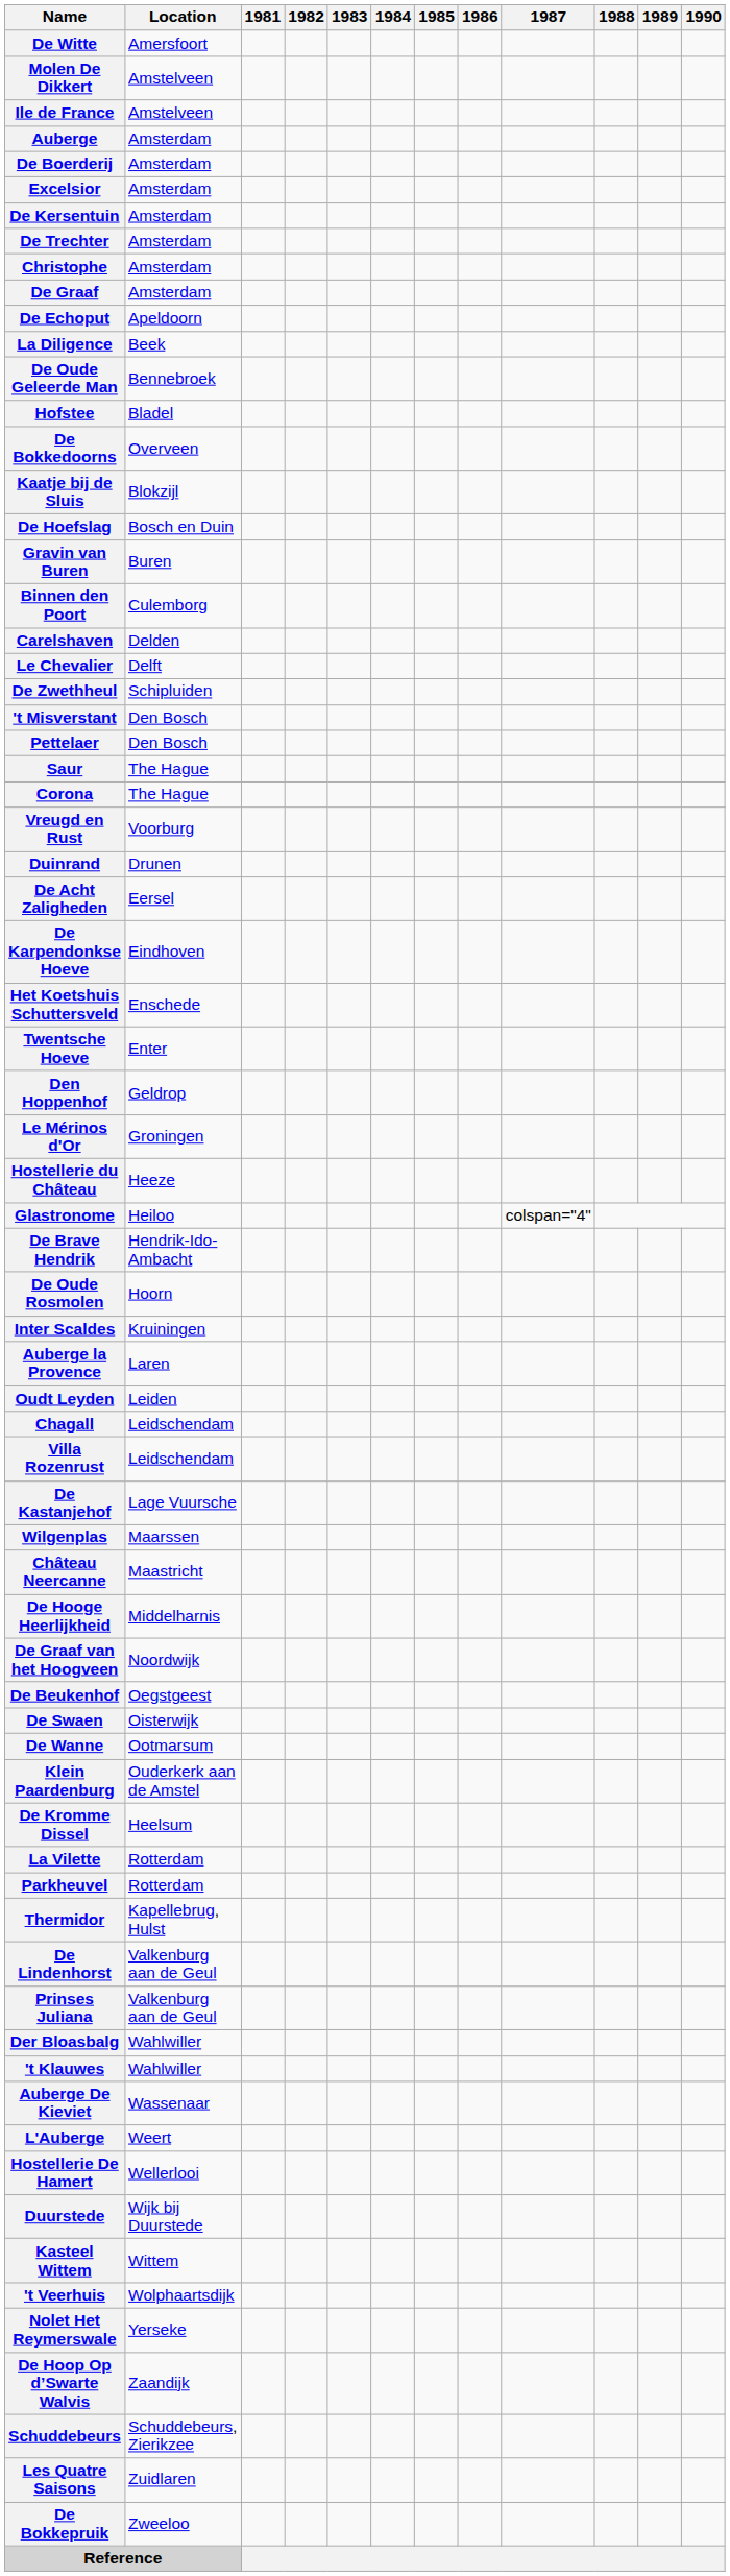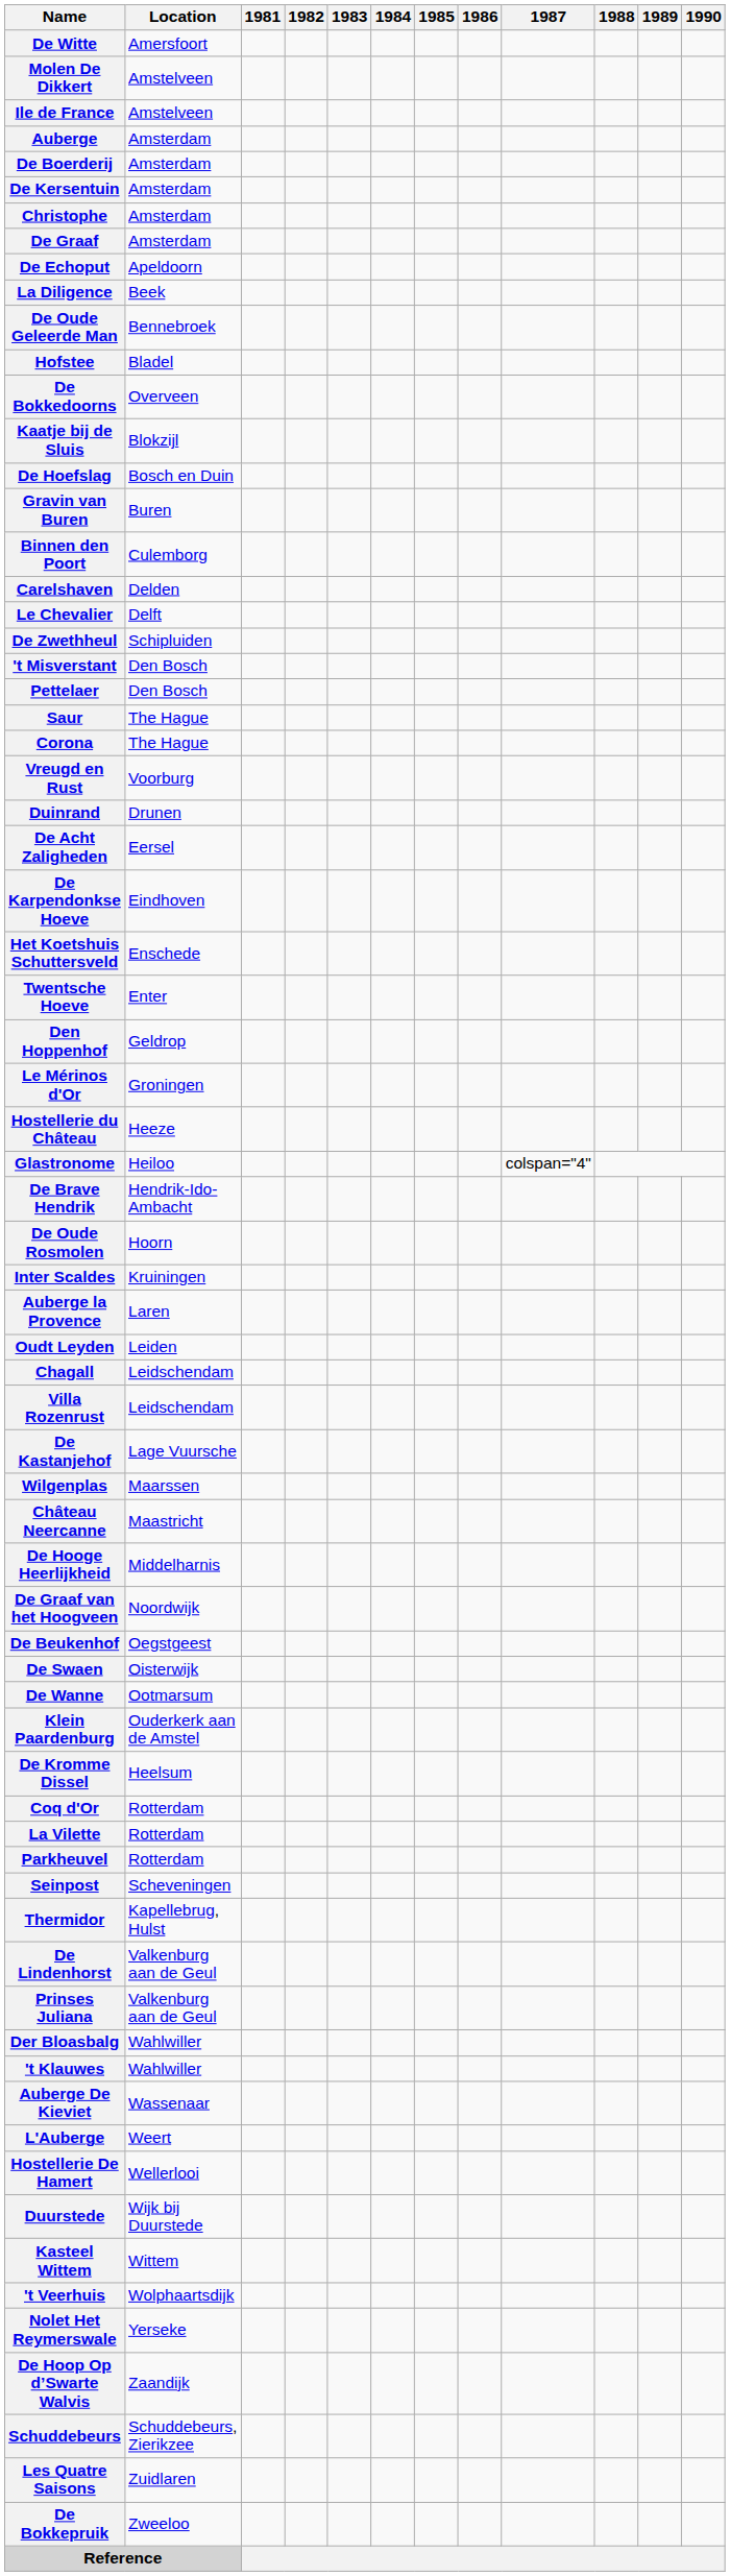 <table class="wikitable sortable plainrowheaders" style="text-align:left;"">
 <tr>
 <th scope="col">Name</th>
 <th scope="col">Location</th>
 <th scope="col">1981</th>
 <th scope="col">1982</th>
 <th scope="col">1983</th>
 <th scope="col">1984</th>
 <th scope="col">1985</th>
 <th scope="col">1986</th>
 <th scope="col">1987</th>
 <th scope="col">1988</th>
 <th scope="col">1989</th>
 <th scope="col">1990</th>
 </tr>
 <tr>
 <th scope="row"><a href='#'>De Witte</a></th>
 <td><a href='#'>Amersfoort</a></td>
 <td></td>
 <td></td>
 <td></td>
 <td></td>
 <td></td>
 <td></td>
 <td></td>
 <td></td>
 <td></td>
 <td></td>
 </tr>
 <tr>
 <th scope="row"><a href='#'>Molen De Dikkert</a></th>
 <td><a href='#'>Amstelveen</a></td>
 <td></td>
 <td></td>
 <td></td>
 <td></td>
 <td></td>
 <td></td>
 <td></td>
 <td></td>
 <td></td>
 <td></td>
 </tr>
 <tr>
 <th scope="row"><a href='#'>Ile de France</a></th>
 <td><a href='#'>Amstelveen</a></td>
 <td></td>
 <td></td>
 <td></td>
 <td></td>
 <td></td>
 <td></td>
 <td></td>
 <td></td>
 <td></td>
 <td></td>
 </tr>
 <tr>
 <th scope="row"><a href='#'>Auberge</a></th>
 <td><a href='#'>Amsterdam</a></td>
 <td></td>
 <td></td>
 <td></td>
 <td></td>
 <td></td>
 <td></td>
 <td></td>
 <td></td>
 <td></td>
 <td></td>
 </tr>
 <tr>
 <th scope="row"><a href='#'>De Boerderij</a></th>
 <td><a href='#'>Amsterdam</a></td>
 <td></td>
 <td></td>
 <td></td>
 <td></td>
 <td></td>
 <td></td>
 <td></td>
 <td></td>
 <td></td>
 <td></td>
 </tr>
 <tr>
-<th scope="row"><a href='#'>Excelsior</a></th>
-<td><a href='#'>Amsterdam</a></td>
-<td></td>
-<td></td>
-<td></td>
-<td></td>
-<td></td>
-<td></td>
-<td></td>
-<td></td>
-<td></td>
-<td></td>
-</tr>
-<tr>
 <th scope="row"><a href='#'>De Kersentuin</a></th>
-<td><a href='#'>Amsterdam</a></td>
-<td></td>
-<td></td>
-<td></td>
-<td></td>
-<td></td>
-<td></td>
-<td></td>
-<td></td>
-<td></td>
-<td></td>
-</tr>
-<tr>
-<th scope="row"><a href='#'>De Trechter</a></th>
 <td><a href='#'>Amsterdam</a></td>
 <td></td>
 <td></td>
 <td></td>
 <td></td>
 <td></td>
 <td></td>
 <td></td>
 <td></td>
 <td></td>
 <td></td>
 </tr>
 <tr>
 <th scope="row"><a href='#'>Christophe</a></th>
 <td><a href='#'>Amsterdam</a></td>
 <td></td>
 <td></td>
 <td></td>
 <td></td>
 <td></td>
 <td></td>
 <td></td>
 <td></td>
 <td></td>
 <td></td>
 </tr>
 <tr>
 <th scope="row"><a href='#'>De Graaf</a></th>
 <td><a href='#'>Amsterdam</a></td>
 <td></td>
 <td></td>
 <td></td>
 <td></td>
 <td></td>
 <td></td>
 <td></td>
 <td></td>
 <td></td>
 <td></td>
 </tr>
 <tr>
 <th scope="row"><a href='#'>De Echoput</a></th>
 <td><a href='#'>Apeldoorn</a></td>
 <td></td>
 <td></td>
 <td></td>
 <td></td>
 <td></td>
 <td></td>
 <td></td>
 <td></td>
 <td></td>
 <td></td>
 </tr>
 <tr>
 <th scope="row"><a href='#'>La Diligence</a></th>
 <td><a href='#'>Beek</a></td>
 <td></td>
 <td></td>
 <td></td>
 <td></td>
 <td></td>
 <td></td>
 <td></td>
 <td></td>
 <td></td>
 <td></td>
 </tr>
 <tr>
 <th scope="row"><a href='#'>De Oude Geleerde Man</a></th>
 <td><a href='#'>Bennebroek</a></td>
 <td></td>
 <td></td>
 <td></td>
 <td></td>
 <td></td>
 <td></td>
 <td></td>
 <td></td>
 <td></td>
 <td></td>
 </tr>
 <tr>
 <th scope="row"><a href='#'>Hofstee</a></th>
 <td><a href='#'>Bladel</a></td>
 <td></td>
 <td></td>
 <td></td>
 <td></td>
 <td></td>
 <td></td>
 <td></td>
 <td></td>
 <td></td>
 <td></td>
 </tr>
 <tr>
 <th scope="row"><a href='#'>De Bokkedoorns</a></th>
 <td><a href='#'>Overveen</a></td>
 <td></td>
 <td></td>
 <td></td>
 <td></td>
 <td></td>
 <td></td>
 <td></td>
 <td></td>
 <td></td>
 <td></td>
 </tr>
 <tr>
 <th scope="row"><a href='#'>Kaatje bij de Sluis</a></th>
 <td><a href='#'>Blokzijl</a></td>
 <td></td>
 <td></td>
 <td></td>
 <td></td>
 <td></td>
 <td></td>
 <td></td>
 <td></td>
 <td></td>
 <td></td>
 </tr>
 <tr>
 <th scope="row"><a href='#'>De Hoefslag</a></th>
 <td><a href='#'>Bosch en Duin</a></td>
 <td></td>
 <td></td>
 <td></td>
 <td></td>
 <td></td>
 <td></td>
 <td></td>
 <td></td>
 <td></td>
 <td></td>
 </tr>
 <tr>
 <th scope="row"><a href='#'>Gravin van Buren</a></th>
 <td><a href='#'>Buren</a></td>
 <td></td>
 <td></td>
 <td></td>
 <td></td>
 <td></td>
 <td></td>
 <td></td>
 <td></td>
 <td></td>
 <td></td>
 </tr>
 <tr>
 <th scope="row"><a href='#'>Binnen den Poort</a></th>
 <td><a href='#'>Culemborg</a></td>
 <td></td>
 <td></td>
 <td></td>
 <td></td>
 <td></td>
 <td></td>
 <td></td>
 <td></td>
 <td></td>
 <td></td>
 </tr>
 <tr>
 <th scope="row"><a href='#'>Carelshaven</a></th>
 <td><a href='#'>Delden</a></td>
 <td></td>
 <td></td>
 <td></td>
 <td></td>
 <td></td>
 <td></td>
 <td></td>
 <td></td>
 <td></td>
 <td></td>
 </tr>
 <tr>
 <th scope="row"><a href='#'>Le Chevalier</a></th>
 <td><a href='#'>Delft</a></td>
 <td></td>
 <td></td>
 <td></td>
 <td></td>
 <td></td>
 <td></td>
 <td></td>
 <td></td>
 <td></td>
 <td></td>
 </tr>
 <tr>
 <th scope="row"><a href='#'>De Zwethheul</a></th>
 <td><a href='#'>Schipluiden</a></td>
 <td></td>
 <td></td>
 <td></td>
 <td></td>
 <td></td>
 <td></td>
 <td></td>
 <td></td>
 <td></td>
 <td></td>
 </tr>
 <tr>
 <th scope="row"><a href='#'>'t Misverstant</a></th>
 <td><a href='#'>Den Bosch</a></td>
 <td></td>
 <td></td>
 <td></td>
 <td></td>
 <td></td>
 <td></td>
 <td></td>
 <td></td>
 <td></td>
 <td></td>
 </tr>
 <tr>
 <th scope="row"><a href='#'>Pettelaer</a></th>
 <td><a href='#'>Den Bosch</a></td>
 <td></td>
 <td></td>
 <td></td>
 <td></td>
 <td></td>
 <td></td>
 <td></td>
 <td></td>
 <td></td>
 <td></td>
 </tr>
 <tr>
 <th scope="row"><a href='#'>Saur</a></th>
 <td><a href='#'>The Hague</a></td>
 <td></td>
 <td></td>
 <td></td>
 <td></td>
 <td></td>
 <td></td>
 <td></td>
 <td></td>
 <td></td>
 <td></td>
 </tr>
 <tr>
 <th scope="row"><a href='#'>Corona</a></th>
 <td><a href='#'>The Hague</a></td>
 <td></td>
 <td></td>
 <td></td>
 <td></td>
 <td></td>
 <td></td>
 <td></td>
 <td></td>
 <td></td>
 <td></td>
 </tr>
 <tr>
 <th scope="row"><a href='#'>Vreugd en Rust</a></th>
 <td><a href='#'>Voorburg</a></td>
 <td></td>
 <td></td>
 <td></td>
 <td></td>
 <td></td>
 <td></td>
 <td></td>
 <td></td>
 <td></td>
 <td></td>
 </tr>
 <tr>
 <th scope="row"><a href='#'>Duinrand</a></th>
 <td><a href='#'>Drunen</a></td>
 <td></td>
 <td></td>
 <td></td>
 <td></td>
 <td></td>
 <td></td>
 <td></td>
 <td></td>
 <td></td>
 <td></td>
 </tr>
 <tr>
 <th scope="row"><a href='#'>De Acht Zaligheden</a></th>
 <td><a href='#'>Eersel</a></td>
 <td></td>
 <td></td>
 <td></td>
 <td></td>
 <td></td>
 <td></td>
 <td></td>
 <td></td>
 <td></td>
 <td></td>
 </tr>
 <tr>
 <th scope="row"><a href='#'>De Karpendonkse Hoeve</a></th>
 <td><a href='#'>Eindhoven</a></td>
 <td></td>
 <td></td>
 <td></td>
 <td></td>
 <td></td>
 <td></td>
 <td></td>
 <td></td>
 <td></td>
 <td></td>
 </tr>
 <tr>
 <th scope="row"><a href='#'>Het Koetshuis Schuttersveld</a></th>
 <td><a href='#'>Enschede</a></td>
 <td></td>
 <td></td>
 <td></td>
 <td></td>
 <td></td>
 <td></td>
 <td></td>
 <td></td>
 <td></td>
 <td></td>
 </tr>
 <tr>
 <th scope="row"><a href='#'>Twentsche Hoeve</a></th>
 <td><a href='#'>Enter</a></td>
 <td></td>
 <td></td>
 <td></td>
 <td></td>
 <td></td>
 <td></td>
 <td></td>
 <td></td>
 <td></td>
 <td></td>
 </tr>
 <tr>
 <th scope="row"><a href='#'>Den Hoppenhof</a></th>
 <td><a href='#'>Geldrop</a></td>
 <td></td>
 <td></td>
 <td></td>
 <td></td>
 <td></td>
 <td></td>
 <td></td>
 <td></td>
 <td></td>
 <td></td>
 </tr>
 <tr>
 <th scope="row"><a href='#'>Le Mérinos d'Or</a></th>
 <td><a href='#'>Groningen</a></td>
 <td></td>
 <td></td>
 <td></td>
 <td></td>
 <td></td>
 <td></td>
 <td></td>
 <td></td>
 <td></td>
 <td></td>
 </tr>
 <tr>
 <th scope="row"><a href='#'>Hostellerie du Château</a></th>
 <td><a href='#'>Heeze</a></td>
 <td></td>
 <td></td>
 <td></td>
 <td></td>
 <td></td>
 <td></td>
 <td></td>
 <td></td>
 <td></td>
 <td></td>
 </tr>
 <tr>
 <th scope="row"><a href='#'>Glastronome</a></th>
 <td><a href='#'>Heiloo</a></td>
 <td></td>
 <td></td>
 <td></td>
 <td></td>
 <td></td>
 <td></td>
 <td>colspan="4" </td>
 </tr>
 <tr>
 <th scope="row"><a href='#'>De Brave Hendrik</a></th>
 <td><a href='#'>Hendrik-Ido-Ambacht</a></td>
 <td></td>
 <td></td>
 <td></td>
 <td></td>
 <td></td>
 <td></td>
 <td></td>
 <td></td>
 <td></td>
 <td></td>
 </tr>
 <tr>
 <th scope="row"><a href='#'>De Oude Rosmolen</a></th>
 <td><a href='#'>Hoorn</a></td>
 <td></td>
 <td></td>
 <td></td>
 <td></td>
 <td></td>
 <td></td>
 <td></td>
 <td></td>
 <td></td>
 <td></td>
 </tr>
 <tr>
 <th scope="row"><a href='#'>Inter Scaldes</a></th>
 <td><a href='#'>Kruiningen</a></td>
 <td></td>
 <td></td>
 <td></td>
 <td></td>
 <td></td>
 <td></td>
 <td></td>
 <td></td>
 <td></td>
 <td></td>
 </tr>
 <tr>
 <th scope="row"><a href='#'>Auberge la Provence</a></th>
 <td><a href='#'>Laren</a></td>
 <td></td>
 <td></td>
 <td></td>
 <td></td>
 <td></td>
 <td></td>
 <td></td>
 <td></td>
 <td></td>
 <td></td>
 </tr>
 <tr>
 <th scope="row"><a href='#'>Oudt Leyden</a></th>
 <td><a href='#'>Leiden</a></td>
 <td></td>
 <td></td>
 <td></td>
 <td></td>
 <td></td>
 <td></td>
 <td></td>
 <td></td>
 <td></td>
 <td></td>
 </tr>
 <tr>
 <th scope="row"><a href='#'>Chagall</a></th>
 <td><a href='#'>Leidschendam</a></td>
 <td></td>
 <td></td>
 <td></td>
 <td></td>
 <td></td>
 <td></td>
 <td></td>
 <td></td>
 <td></td>
 <td></td>
 </tr>
 <tr>
 <th scope="row"><a href='#'>Villa Rozenrust</a></th>
 <td><a href='#'>Leidschendam</a></td>
 <td></td>
 <td></td>
 <td></td>
 <td></td>
 <td></td>
 <td></td>
 <td></td>
 <td></td>
 <td></td>
 <td></td>
 </tr>
 <tr>
 <th scope="row"><a href='#'>De Kastanjehof</a></th>
 <td><a href='#'>Lage Vuursche</a></td>
 <td></td>
 <td></td>
 <td></td>
 <td></td>
 <td></td>
 <td></td>
 <td></td>
 <td></td>
 <td></td>
 <td></td>
 </tr>
 <tr>
 <th scope="row"><a href='#'>Wilgenplas</a></th>
 <td><a href='#'>Maarssen</a></td>
 <td></td>
 <td></td>
 <td></td>
 <td></td>
 <td></td>
 <td></td>
 <td></td>
 <td></td>
 <td></td>
 <td></td>
 </tr>
 <tr>
 <th scope="row"><a href='#'>Château Neercanne</a></th>
 <td><a href='#'>Maastricht</a></td>
 <td></td>
 <td></td>
 <td></td>
 <td></td>
 <td></td>
 <td></td>
 <td></td>
 <td></td>
 <td></td>
 <td></td>
 </tr>
 <tr>
 <th scope="row"><a href='#'>De Hooge Heerlijkheid</a></th>
 <td><a href='#'>Middelharnis</a></td>
 <td></td>
 <td></td>
 <td></td>
 <td></td>
 <td></td>
 <td></td>
 <td></td>
 <td></td>
 <td></td>
 <td></td>
 </tr>
 <tr>
 <th scope="row"><a href='#'>De Graaf van het Hoogveen</a></th>
 <td><a href='#'>Noordwijk</a></td>
 <td></td>
 <td></td>
 <td></td>
 <td></td>
 <td></td>
 <td></td>
 <td></td>
 <td></td>
 <td></td>
 <td></td>
 </tr>
 <tr>
 <th scope="row"><a href='#'>De Beukenhof</a></th>
 <td><a href='#'>Oegstgeest</a></td>
 <td></td>
 <td></td>
 <td></td>
 <td></td>
 <td></td>
 <td></td>
 <td></td>
 <td></td>
 <td></td>
 <td></td>
 </tr>
 <tr>
 <th scope="row"><a href='#'>De Swaen</a></th>
 <td><a href='#'>Oisterwijk</a></td>
 <td></td>
 <td></td>
 <td></td>
 <td></td>
 <td></td>
 <td></td>
 <td></td>
 <td></td>
 <td></td>
 <td></td>
 </tr>
 <tr>
 <th scope="row"><a href='#'>De Wanne</a></th>
 <td><a href='#'>Ootmarsum</a></td>
 <td></td>
 <td></td>
 <td></td>
 <td></td>
 <td></td>
 <td></td>
 <td></td>
 <td></td>
 <td></td>
 <td></td>
 </tr>
 <tr>
 <th scope="row"><a href='#'>Klein Paardenburg</a></th>
 <td><a href='#'>Ouderkerk aan de Amstel</a></td>
 <td></td>
 <td></td>
 <td></td>
 <td></td>
 <td></td>
 <td></td>
 <td></td>
 <td></td>
 <td></td>
 <td></td>
 </tr>
 <tr>
 <th scope="row"><a href='#'>De Kromme Dissel</a></th>
 <td><a href='#'>Heelsum</a></td>
 <td></td>
 <td></td>
 <td></td>
 <td></td>
 <td></td>
 <td></td>
 <td></td>
 <td></td>
 <td></td>
 <td></td>
 </tr>
 <tr>
+<th scope="row"><a href='#'>Coq d'Or</a></th>
+<td><a href='#'>Rotterdam</a></td>
+<td></td>
+<td></td>
+<td></td>
+<td></td>
+<td></td>
+<td></td>
+<td></td>
+<td></td>
+<td></td>
+<td></td>
+</tr>
+<tr>
 <th scope="row"><a href='#'>La Vilette</a></th>
 <td><a href='#'>Rotterdam</a></td>
 <td></td>
 <td></td>
 <td></td>
 <td></td>
 <td></td>
 <td></td>
 <td></td>
 <td></td>
 <td></td>
 <td></td>
 </tr>
 <tr>
 <th scope="row"><a href='#'>Parkheuvel</a></th>
 <td><a href='#'>Rotterdam</a></td>
+<td></td>
+<td></td>
+<td></td>
+<td></td>
+<td></td>
+<td></td>
+<td></td>
+<td></td>
+<td></td>
+<td></td>
+</tr>
+<tr>
+<th scope="row"><a href='#'>Seinpost</a></th>
+<td><a href='#'>Scheveningen</a></td>
 <td></td>
 <td></td>
 <td></td>
 <td></td>
 <td></td>
 <td></td>
 <td></td>
 <td></td>
 <td></td>
 <td></td>
 </tr>
 <tr>
 <th scope="row"><a href='#'>Thermidor</a></th>
 <td><a href='#'>Kapellebrug</a>, <a href='#'>Hulst</a></td>
 <td></td>
 <td></td>
 <td></td>
 <td></td>
 <td></td>
 <td></td>
 <td></td>
 <td></td>
 <td></td>
 <td></td>
 </tr>
 <tr>
 <th scope="row"><a href='#'>De Lindenhorst</a></th>
 <td><a href='#'>Valkenburg aan de Geul</a></td>
 <td></td>
 <td></td>
 <td></td>
 <td></td>
 <td></td>
 <td></td>
 <td></td>
 <td></td>
 <td></td>
 <td></td>
 </tr>
 <tr>
 <th scope="row"><a href='#'>Prinses Juliana</a></th>
 <td><a href='#'>Valkenburg aan de Geul</a></td>
 <td></td>
 <td></td>
 <td></td>
 <td></td>
 <td></td>
 <td></td>
 <td></td>
 <td></td>
 <td></td>
 <td></td>
 </tr>
 <tr>
 <th scope="row"><a href='#'>Der Bloasbalg</a></th>
 <td><a href='#'>Wahlwiller</a></td>
 <td></td>
 <td></td>
 <td></td>
 <td></td>
 <td></td>
 <td></td>
 <td></td>
 <td></td>
 <td></td>
 <td></td>
 </tr>
 <tr>
 <th scope="row"><a href='#'>'t Klauwes</a></th>
 <td><a href='#'>Wahlwiller</a></td>
 <td></td>
 <td></td>
 <td></td>
 <td></td>
 <td></td>
 <td></td>
 <td></td>
 <td></td>
 <td></td>
 <td></td>
 </tr>
 <tr>
 <th scope="row"><a href='#'>Auberge De Kieviet</a></th>
 <td><a href='#'>Wassenaar</a></td>
 <td></td>
 <td></td>
 <td></td>
 <td></td>
 <td></td>
 <td></td>
 <td></td>
 <td></td>
 <td></td>
 <td></td>
 </tr>
 <tr>
 <th scope="row"><a href='#'>L'Auberge</a></th>
 <td><a href='#'>Weert</a></td>
 <td></td>
 <td></td>
 <td></td>
 <td></td>
 <td></td>
 <td></td>
 <td></td>
 <td></td>
 <td></td>
 <td></td>
 </tr>
 <tr>
 <th scope="row"><a href='#'>Hostellerie De Hamert</a></th>
 <td><a href='#'>Wellerlooi</a></td>
 <td></td>
 <td></td>
 <td></td>
 <td></td>
 <td></td>
 <td></td>
 <td></td>
 <td></td>
 <td></td>
 <td></td>
 </tr>
 <tr>
 <th scope="row"><a href='#'>Duurstede</a></th>
 <td><a href='#'>Wijk bij Duurstede</a></td>
 <td></td>
 <td></td>
 <td></td>
 <td></td>
 <td></td>
 <td></td>
 <td></td>
 <td></td>
 <td></td>
 <td></td>
 </tr>
 <tr>
 <th scope="row"><a href='#'>Kasteel Wittem</a></th>
 <td><a href='#'>Wittem</a></td>
 <td></td>
 <td></td>
 <td></td>
 <td></td>
 <td></td>
 <td></td>
 <td></td>
 <td></td>
 <td></td>
 <td></td>
 </tr>
 <tr>
 <th scope="row"><a href='#'>'t Veerhuis</a></th>
 <td><a href='#'>Wolphaartsdijk</a></td>
 <td></td>
 <td></td>
 <td></td>
 <td></td>
 <td></td>
 <td></td>
 <td></td>
 <td></td>
 <td></td>
 <td></td>
 </tr>
 <tr>
 <th scope="row"><a href='#'>Nolet Het Reymerswale</a></th>
 <td><a href='#'>Yerseke</a></td>
 <td></td>
 <td></td>
 <td></td>
 <td></td>
 <td></td>
 <td></td>
 <td></td>
 <td></td>
 <td></td>
 <td></td>
 </tr>
 <tr>
 <th scope="row"><a href='#'>De Hoop Op d’Swarte Walvis</a></th>
 <td><a href='#'>Zaandijk</a></td>
 <td></td>
 <td></td>
 <td></td>
 <td></td>
 <td></td>
 <td></td>
 <td></td>
 <td></td>
 <td></td>
 <td></td>
 </tr>
 <tr>
 <th scope="row"><a href='#'>Schuddebeurs</a></th>
 <td><a href='#'>Schuddebeurs</a>, <a href='#'>Zierikzee</a></td>
 <td></td>
 <td></td>
 <td></td>
 <td></td>
 <td></td>
 <td></td>
 <td></td>
 <td></td>
 <td></td>
 <td></td>
 </tr>
 <tr>
 <th scope="row"><a href='#'>Les Quatre Saisons</a></th>
 <td><a href='#'>Zuidlaren</a></td>
 <td></td>
 <td></td>
 <td></td>
 <td></td>
 <td></td>
 <td></td>
 <td></td>
 <td></td>
 <td></td>
 <td></td>
 </tr>
 <tr>
 <th scope="row"><a href='#'>De Bokkepruik</a></th>
 <td><a href='#'>Zweeloo</a></td>
 <td></td>
 <td></td>
 <td></td>
 <td></td>
 <td></td>
 <td></td>
 <td></td>
 <td></td>
 <td></td>
 <td></td>
 </tr>
 <tr>
 <th colspan="2" style="text-align: center;background: lightgray;">Reference</th>
 <th colspan="10"><br></th>
 </tr>
 </table>
